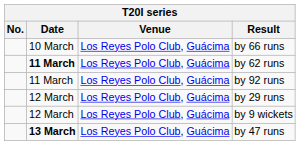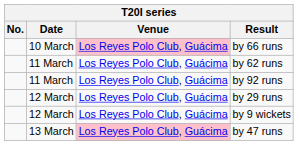 <table class="wikitable">
 <tr>
 <th colspan="5">T20I series</th>
 </tr>
 <tr>
 <th>No.</th>
 <th>Date</th>
 <th>Venue</th>
 <th>Result</th>
 </tr>
 <tr>
 <td></td>
 <td>10 March</td>
-<td><a href='#'>Los Reyes Polo Club</a>, <a href='#'>Guácima</a></td>
+<td style="background: pink;"><a href='#'>Los Reyes Polo Club</a>, <a href='#'>Guácima</a></td>
 <td> by 66 runs</td>
 </tr>
 <tr>
 <td></td>
-<td><strong>11 March</strong></td>
+<td>11 March</td>
 <td><a href='#'>Los Reyes Polo Club</a>, <a href='#'>Guácima</a></td>
 <td> by 62 runs</td>
 </tr>
 <tr>
 <td></td>
 <td>11 March</td>
 <td><a href='#'>Los Reyes Polo Club</a>, <a href='#'>Guácima</a></td>
 <td> by 92 runs</td>
 </tr>
 <tr>
 <td></td>
 <td>12 March</td>
 <td><a href='#'>Los Reyes Polo Club</a>, <a href='#'>Guácima</a></td>
 <td> by 29 runs</td>
 </tr>
 <tr>
 <td></td>
 <td>12 March</td>
 <td><a href='#'>Los Reyes Polo Club</a>, <a href='#'>Guácima</a></td>
 <td> by 9 wickets</td>
 </tr>
 <tr>
 <td></td>
-<td><strong>13 March</strong></td>
-<td><a href='#'>Los Reyes Polo Club</a>, <a href='#'>Guácima</a></td>
+<td>13 March</td>
+<td style="background: pink;"><a href='#'>Los Reyes Polo Club</a>, <a href='#'>Guácima</a></td>
 <td> by 47 runs</td>
 </tr>
 </table>
